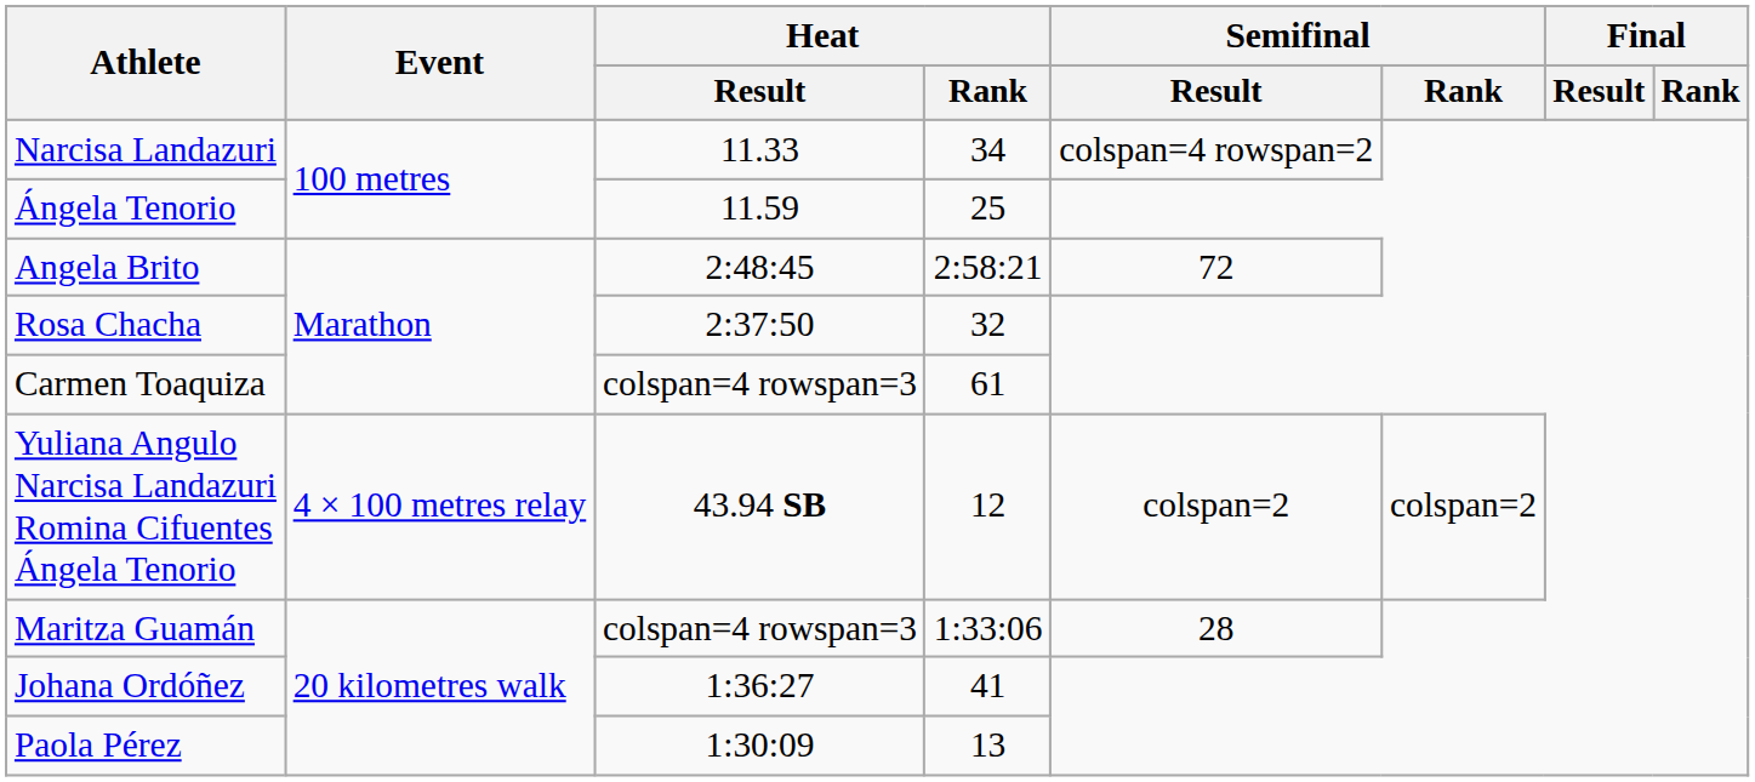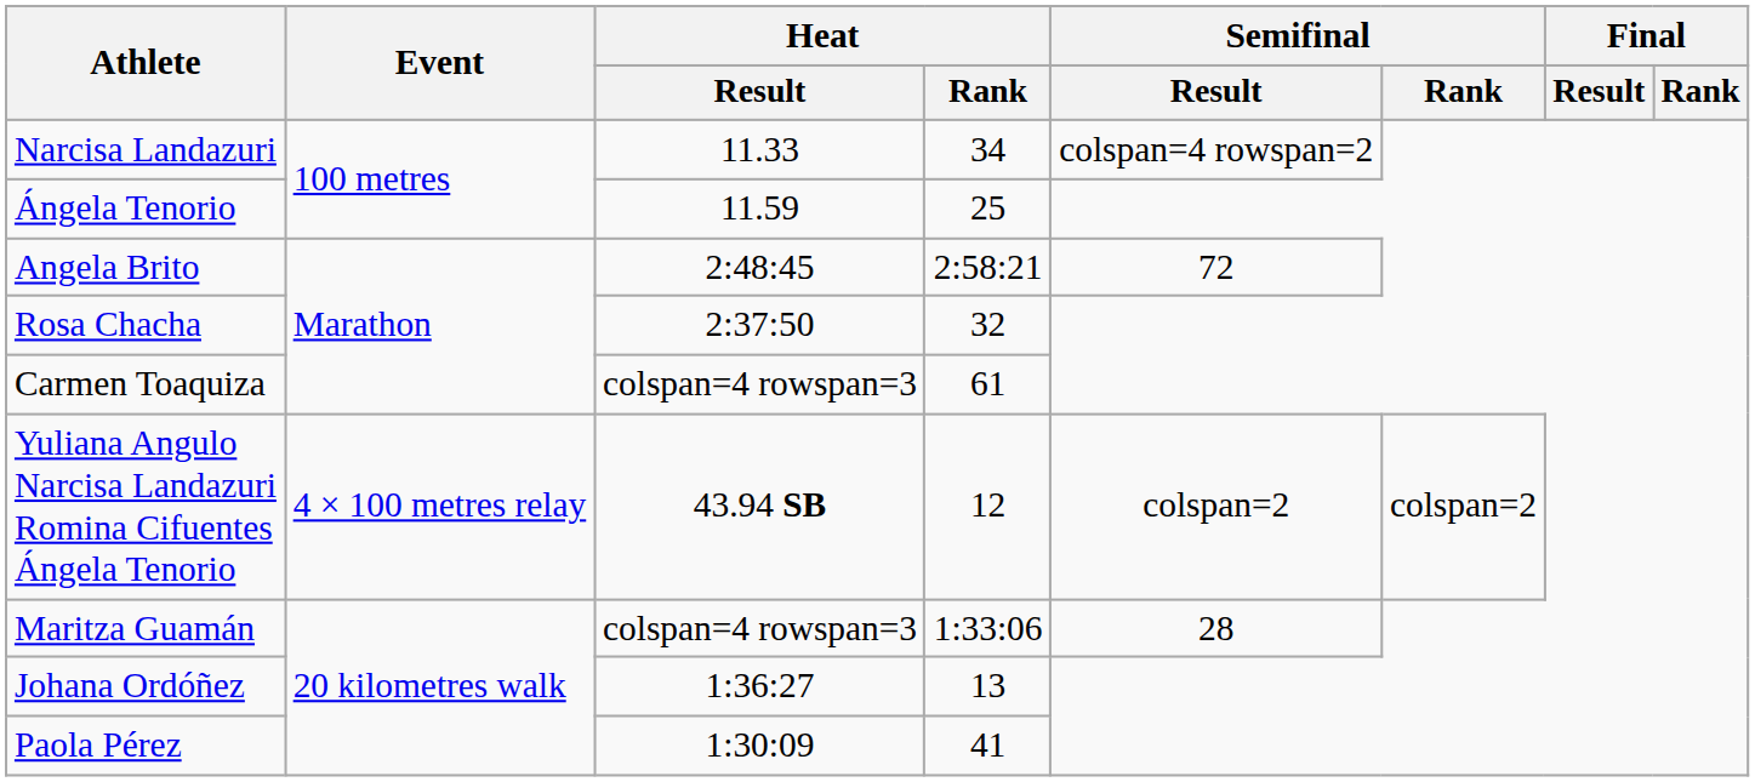 <table class=wikitable style=font-size:90%>
 <tr>
 <th rowspan=2>Athlete</th>
 <th rowspan=2>Event</th>
 <th colspan=2>Heat</th>
 <th colspan=2>Semifinal</th>
 <th colspan=2>Final</th>
 </tr>
 <tr style=font-size:95%>
 <th>Result</th>
 <th>Rank</th>
 <th>Result</th>
 <th>Rank</th>
 <th>Result</th>
 <th>Rank</th>
 </tr>
 <tr align=center>
 <td align=left><a href='#'>Narcisa Landazuri</a></td>
 <td align=left rowspan=2><a href='#'>100 metres</a></td>
 <td>11.33</td>
 <td>34</td>
 <td>colspan=4 rowspan=2 </td>
 </tr>
 <tr align=center>
 <td align=left><a href='#'>Ángela Tenorio</a></td>
 <td>11.59</td>
 <td>25</td>
 </tr>
 <tr align=center>
 <td align=left><a href='#'>Angela Brito</a></td>
 <td align=left rowspan=3><a href='#'>Marathon</a></td>
 <td>2:48:45</td>
 <td>2:58:21</td>
 <td>72</td>
 </tr>
 <tr align=center>
 <td align=left><a href='#'>Rosa Chacha</a></td>
 <td>2:37:50</td>
 <td>32</td>
 </tr>
 <tr align=center>
 <td align=left>Carmen Toaquiza</td>
 <td>colspan=4 rowspan=3 </td>
 <td>61</td>
 </tr>
 <tr align=center>
 <td align=left><a href='#'>Yuliana Angulo</a><br><a href='#'>Narcisa Landazuri</a><br><a href='#'>Romina Cifuentes</a><br><a href='#'>Ángela Tenorio</a></td>
 <td align=left><a href='#'>4 × 100 metres relay</a></td>
 <td>43.94 <strong>SB</strong></td>
 <td>12</td>
 <td>colspan=2 </td>
 <td>colspan=2 </td>
 </tr>
 <tr align=center>
 <td align=left><a href='#'>Maritza Guamán</a></td>
 <td align=left rowspan=3><a href='#'>20 kilometres walk</a></td>
 <td>colspan=4 rowspan=3 </td>
 <td>1:33:06</td>
 <td>28</td>
 </tr>
 <tr align=center>
 <td align=left><a href='#'>Johana Ordóñez</a></td>
 <td>1:36:27</td>
-<td>41</td>
+<td>13</td>
 </tr>
 <tr align=center>
 <td align=left><a href='#'>Paola Pérez</a></td>
 <td>1:30:09</td>
-<td>13</td>
+<td>41</td>
 </tr>
 </table>
